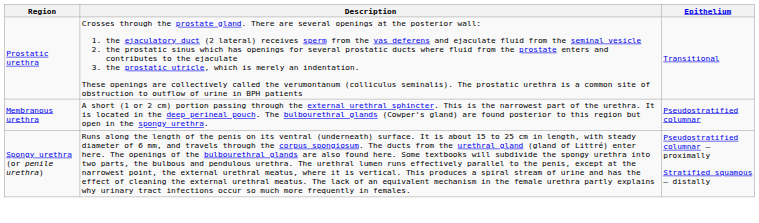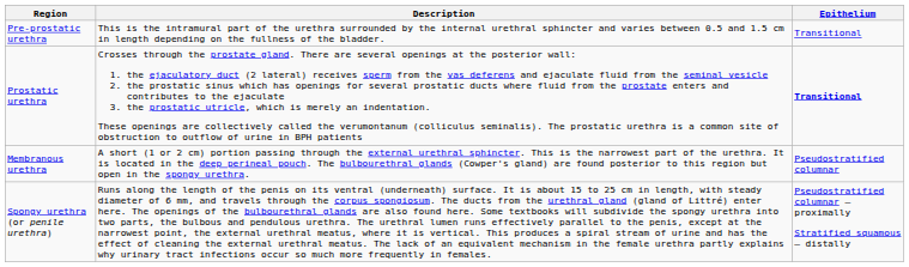 <table class="wikitable">
 <tr>
 <th width=120>Region</th>
 <th>Description</th>
 <th><a href='#'>Epithelium</a></th>
 </tr>
 <tr>
+<td><a href='#'>Pre-prostatic urethra</a></td>
+<td>This is the intramural part of the urethra surrounded by the internal urethral sphincter and varies between 0.5 and 1.5 cm in length depending on the fullness of the bladder.</td>
+<td><a href='#'>Transitional</a></td>
+</tr>
+<tr>
 <td><a href='#'>Prostatic urethra</a></td>
 <td>Crosses through the <a href='#'>prostate gland</a>. There are several openings at the posterior wall:<br><ol><li>the <a href='#'>ejaculatory duct</a> (2 lateral) receives <a href='#'>sperm</a> from the <a href='#'>vas deferens</a> and ejaculate fluid from the <a href='#'>seminal vesicle</a></li><li>the prostatic sinus which has openings for several prostatic ducts  where fluid from the <a href='#'>prostate</a> enters and contributes to the ejaculate</li><li>the <a href='#'>prostatic utricle</a>, which is merely an indentation.</li></ol>These openings are collectively called the verumontanum (colliculus seminalis). The prostatic urethra is a common site of obstruction to outflow of urine in BPH patients</td>
-<td><a href='#'>Transitional</a></td>
+<td><strong><a href='#'>Transitional</a></strong></td>
 </tr>
 <tr>
 <td><a href='#'>Membranous urethra</a></td>
 <td>A short (1 or 2 cm) portion passing through the <a href='#'>external urethral sphincter</a>. This is the narrowest part of the urethra. It is located in the <a href='#'>deep perineal pouch</a>. The <a href='#'>bulbourethral glands</a> (Cowper's gland) are found posterior to this region but open in the <a href='#'>spongy urethra</a>.</td>
 <td><a href='#'>Pseudostratified columnar</a></td>
 </tr>
 <tr>
 <td><a href='#'>Spongy urethra</a> (or <em>penile urethra</em>)</td>
 <td>Runs along the length of the penis on its ventral (underneath) surface. It is about 15 to 25 cm in length, with steady diameter of 6 mm, and travels through the <a href='#'>corpus spongiosum</a>. The ducts from the <a href='#'>urethral gland</a> (gland of Littré) enter here. The openings of the <a href='#'>bulbourethral glands</a> are also found here. Some textbooks will subdivide the spongy urethra into two parts, the bulbous and pendulous urethra. The urethral lumen runs effectively parallel to the penis, except at the narrowest point, the external urethral meatus, where it is vertical. This produces a spiral stream of urine and has the effect of cleaning the external urethral meatus. The lack of an equivalent mechanism in the female urethra partly explains why urinary tract infections occur so much more frequently in females.</td>
 <td><a href='#'>Pseudostratified columnar</a> – proximally<p><a href='#'>Stratified squamous</a> – distally</p></td>
 </tr>
 </table>
